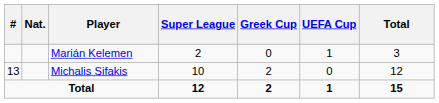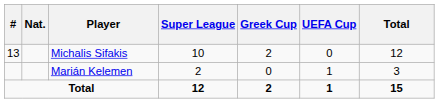 <table class="wikitable sortable alternance" ; style="text-align:center; ">
 <tr>
 <th height=50>#</th>
 <th width=10>Nat.</th>
 <th width=150>Player</th>
 <th height=50><a href='#'>Super League</a></th>
 <th height=50><a href='#'>Greek Cup</a></th>
 <th height=50><a href='#'>UEFA Cup</a></th>
 <th width=100>Total</th>
 </tr>
 <tr>
+<td>13</td>
+<td></td>
+<td align="left"><a href='#'>Michalis Sifakis</a></td>
+<td>10</td>
+<td>2</td>
+<td>0</td>
+<td>12</td>
+</tr>
+<tr>
 <td></td>
 <td></td>
 <td align="left"><a href='#'>Marián Kelemen</a></td>
 <td>2</td>
 <td>0</td>
 <td>1</td>
 <td>3</td>
-</tr>
-<tr>
-<td>13</td>
-<td></td>
-<td align="left"><a href='#'>Michalis Sifakis</a></td>
-<td>10</td>
-<td>2</td>
-<td>0</td>
-<td>12</td>
 </tr>
 <tr class="sortbottom">
 <td colspan="3"><strong>Total</strong></td>
 <td><strong>12</strong></td>
 <td><strong>2</strong></td>
 <td><strong>1</strong></td>
 <td><strong>15</strong></td>
 </tr>
 </table>
